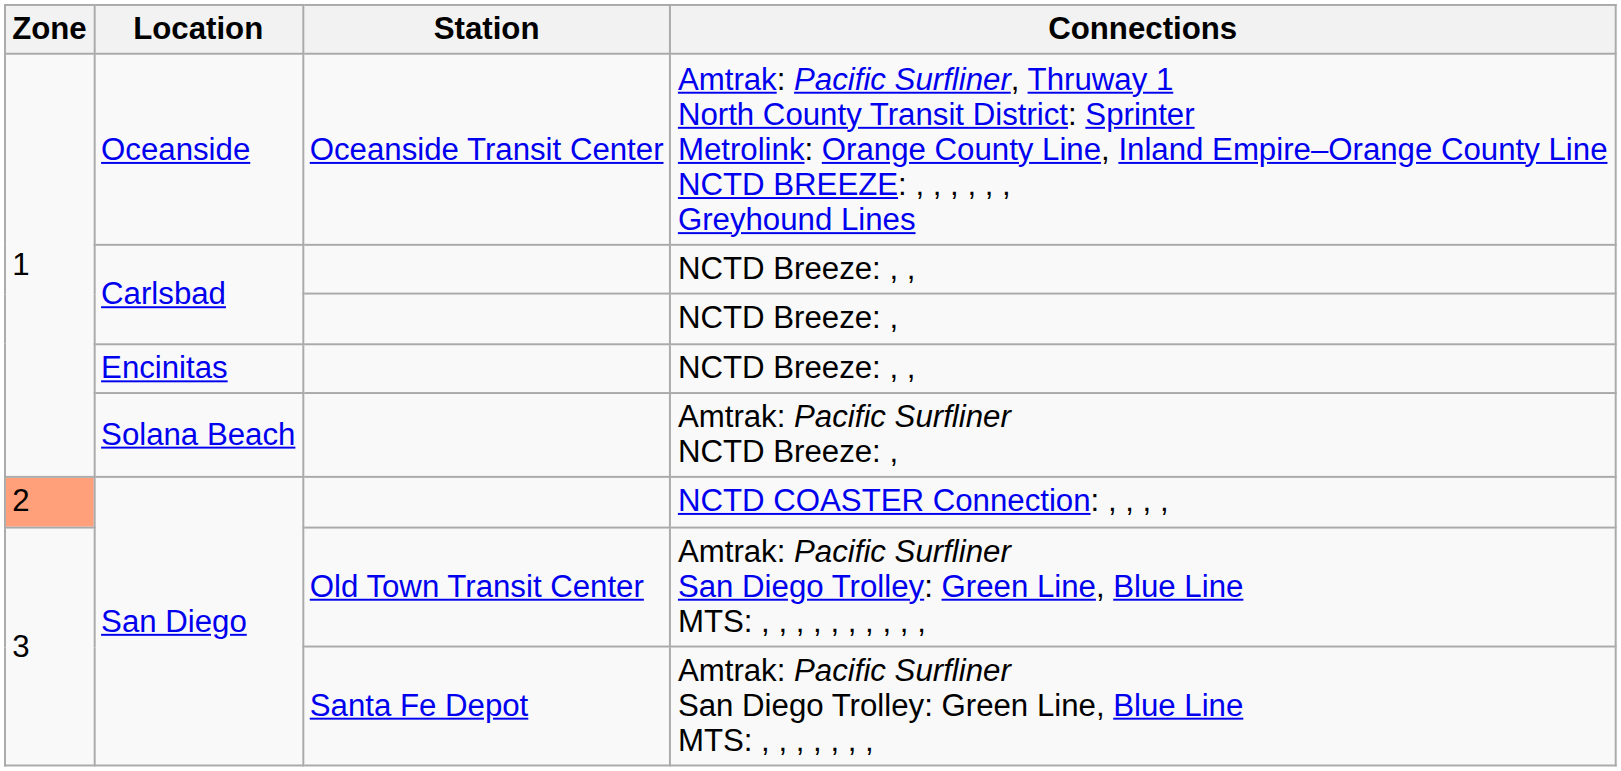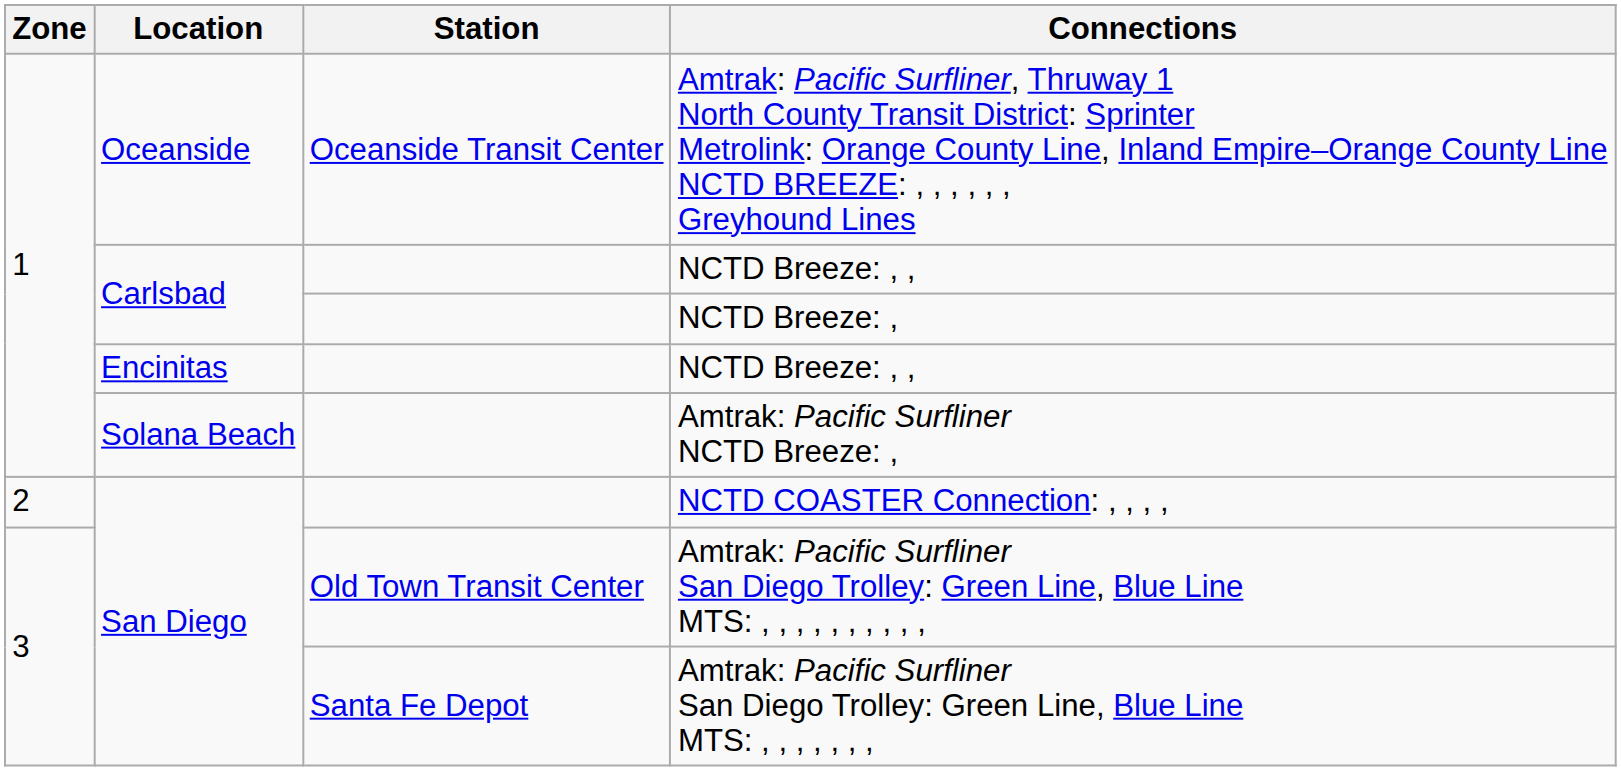 <table class="wikitable">
 <tr>
 <th>Zone</th>
 <th>Location<br></th>
 <th>Station</th>
 <th>Connections</th>
 </tr>
 <tr>
 <td rowspan=5>1</td>
 <td><a href='#'>Oceanside</a></td>
 <td><a href='#'>Oceanside Transit Center</a></td>
 <td> <a href='#'>Amtrak</a>: <em><a href='#'>Pacific Surfliner</a></em>,  <a href='#'>Thruway 1</a><br> <a href='#'>North County Transit District</a>: <a href='#'>Sprinter</a><br> <a href='#'>Metrolink</a>: <a href='#'>Orange County Line</a>, <a href='#'>Inland Empire–Orange County Line</a><br> <a href='#'>NCTD BREEZE</a>: , , , , , , <br> <a href='#'>Greyhound Lines</a></td>
 </tr>
 <tr>
 <td rowspan=2><a href='#'>Carlsbad</a></td>
 <td></td>
 <td> NCTD Breeze: , , </td>
 </tr>
 <tr>
 <td></td>
 <td> NCTD Breeze: , </td>
 </tr>
 <tr>
 <td><a href='#'>Encinitas</a></td>
 <td></td>
 <td> NCTD Breeze: , , </td>
 </tr>
 <tr>
 <td><a href='#'>Solana Beach</a></td>
 <td></td>
 <td> Amtrak: <em>Pacific Surfliner</em><br> NCTD Breeze: , </td>
 </tr>
 <tr>
-<td style="background: lightsalmon;">2</td>
+<td>2</td>
 <td rowspan=3><a href='#'>San Diego</a></td>
 <td></td>
 <td> <a href='#'>NCTD COASTER Connection</a>: , , , , </td>
 </tr>
 <tr>
 <td rowspan=2>3</td>
 <td><a href='#'>Old Town Transit Center</a> </td>
 <td> Amtrak: <em>Pacific Surfliner</em><br> <a href='#'>San Diego Trolley</a>: <a href='#'>Green Line</a>, <a href='#'>Blue Line</a> <br> MTS: , , , , , , , , , , </td>
 </tr>
 <tr>
 <td><a href='#'>Santa Fe Depot</a></td>
 <td> Amtrak: <em>Pacific Surfliner</em><br> San Diego Trolley: Green Line, <a href='#'>Blue Line</a><br> MTS: , , , , , , , </td>
 </tr>
 </table>
